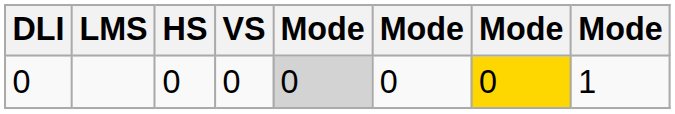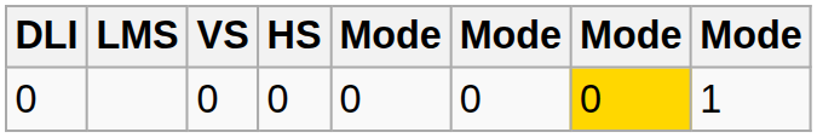 <table class="wikitable">
 <tr>
 <th>DLI</th>
 <th>LMS</th>
+<th>VS</th>
 <th>HS</th>
-<th>VS</th>
 <th>Mode</th>
 <th>Mode</th>
 <th>Mode</th>
 <th>Mode</th>
 </tr>
 <tr>
 <td>0</td>
 <td></td>
 <td>0</td>
 <td>0</td>
-<td style="background: lightgrey;">0</td>
+<td>0</td>
 <td>0</td>
 <td style="background: gold;">0</td>
 <td>1</td>
 </tr>
 </table>
